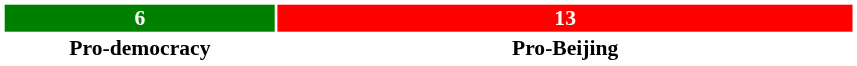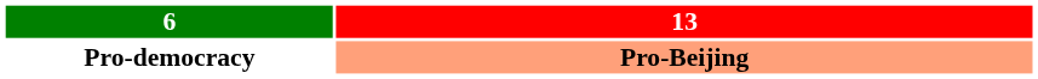 <table style="width:50%; text-align:center;">
 <tr style="color:white;">
 <td style="background:green; width:32%;"><strong>6</strong></td>
 <td style="background:red; width:68%;"><strong>13</strong></td>
 </tr>
 <tr>
 <td><span><strong>Pro-democracy</strong></span></td>
-<td><span><strong>Pro-Beijing</strong></span></td>
+<td style="background: lightsalmon;"><span><strong>Pro-Beijing</strong></span></td>
 </tr>
 </table>
